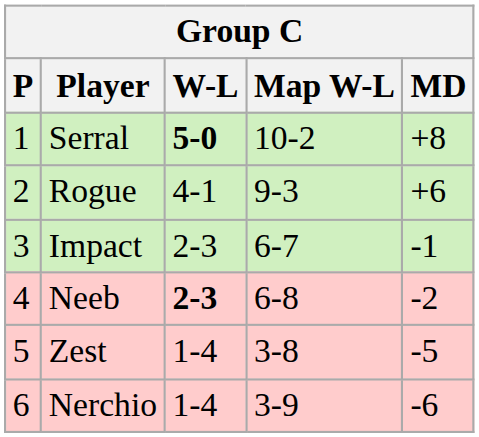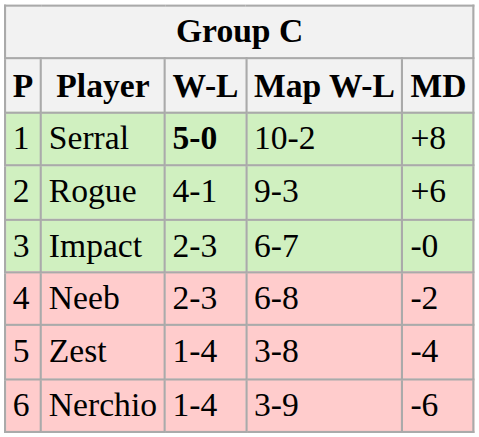 <table class="wikitable" style="display: inline-table;">
 <tr>
 <th colspan="5">Group C</th>
 </tr>
 <tr>
 <th>P</th>
 <th>Player</th>
 <th>W-L</th>
 <th>Map W-L</th>
 <th>MD</th>
 </tr>
 <tr style="background: #D0F0C0;">
 <td>1</td>
 <td>Serral</td>
 <td><strong>5-0</strong></td>
 <td>10-2</td>
 <td>+8</td>
 </tr>
 <tr style="background: #D0F0C0;">
 <td>2</td>
 <td>Rogue</td>
 <td>4-1</td>
 <td>9-3</td>
 <td>+6</td>
 </tr>
 <tr style="background: #D0F0C0;">
 <td>3</td>
 <td>Impact</td>
 <td>2-3</td>
 <td>6-7</td>
-<td>-1</td>
+<td>-0</td>
 </tr>
 <tr style="background: #FFCCCC;">
 <td>4</td>
 <td>Neeb</td>
-<td><strong>2-3</strong></td>
+<td>2-3</td>
 <td>6-8</td>
 <td>-2</td>
 </tr>
 <tr style="background: #FFCCCC;">
 <td>5</td>
 <td>Zest</td>
 <td>1-4</td>
 <td>3-8</td>
-<td>-5</td>
+<td>-4</td>
 </tr>
 <tr style="background: #FFCCCC;">
 <td>6</td>
 <td>Nerchio</td>
 <td>1-4</td>
 <td>3-9</td>
 <td>-6</td>
 </tr>
 </table>
